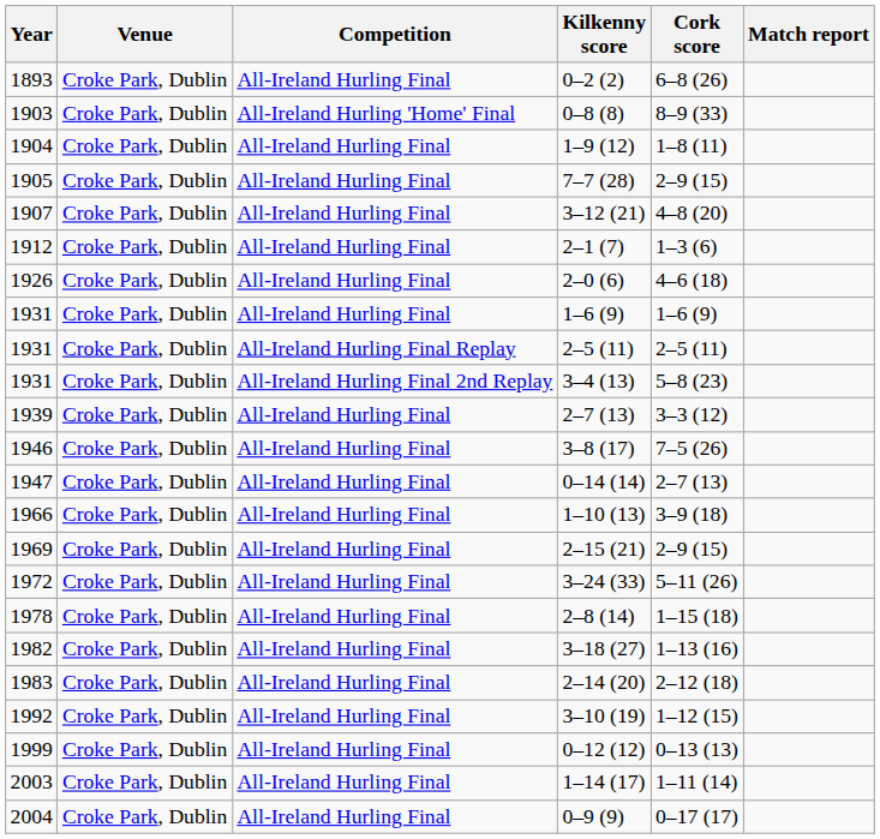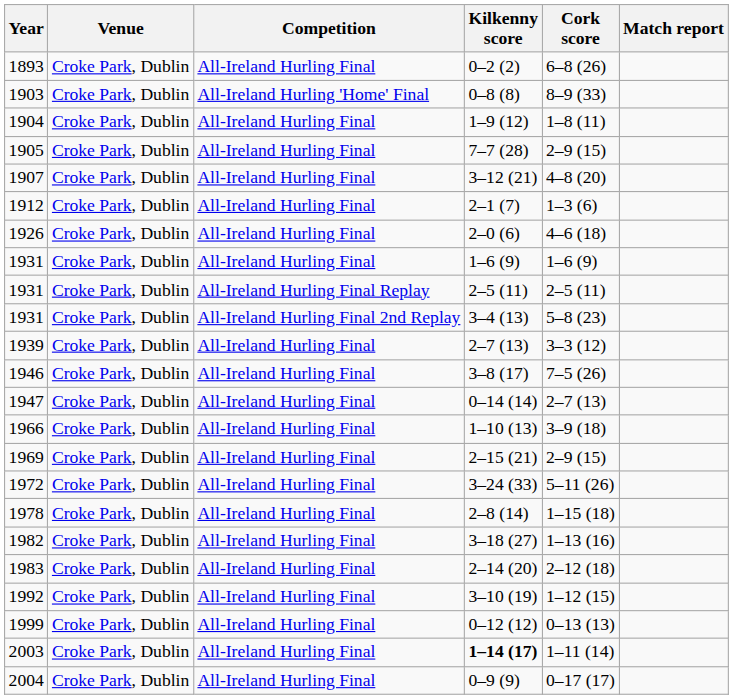 <table class="wikitable">
 <tr>
 <th width=30 style="text-align: center;">Year</th>
 <th>Venue</th>
 <th>Competition</th>
 <th>Kilkenny <br> score</th>
 <th>Cork<br> score</th>
 <th>Match report</th>
 </tr>
 <tr>
 <td>1893</td>
 <td><a href='#'>Croke Park</a>, Dublin</td>
 <td><a href='#'>All-Ireland Hurling Final</a></td>
 <td>0–2 (2)</td>
 <td>6–8 (26)</td>
 <td></td>
 </tr>
 <tr>
 <td>1903</td>
 <td><a href='#'>Croke Park</a>, Dublin</td>
 <td><a href='#'>All-Ireland Hurling 'Home' Final</a></td>
 <td>0–8 (8)</td>
 <td>8–9 (33)</td>
 <td></td>
 </tr>
 <tr>
 <td>1904</td>
 <td><a href='#'>Croke Park</a>, Dublin</td>
 <td><a href='#'>All-Ireland Hurling Final</a></td>
 <td>1–9 (12)</td>
 <td>1–8 (11)</td>
 <td></td>
 </tr>
 <tr>
 <td>1905</td>
 <td><a href='#'>Croke Park</a>, Dublin</td>
 <td><a href='#'>All-Ireland Hurling Final</a></td>
 <td>7–7 (28)</td>
 <td>2–9 (15)</td>
 <td></td>
 </tr>
 <tr>
 <td>1907</td>
 <td><a href='#'>Croke Park</a>, Dublin</td>
 <td><a href='#'>All-Ireland Hurling Final</a></td>
 <td>3–12 (21)</td>
 <td>4–8 (20)</td>
 <td></td>
 </tr>
 <tr>
 <td>1912</td>
 <td><a href='#'>Croke Park</a>, Dublin</td>
 <td><a href='#'>All-Ireland Hurling Final</a></td>
 <td>2–1 (7)</td>
 <td>1–3 (6)</td>
 <td></td>
 </tr>
 <tr>
 <td>1926</td>
 <td><a href='#'>Croke Park</a>, Dublin</td>
 <td><a href='#'>All-Ireland Hurling Final</a></td>
 <td>2–0 (6)</td>
 <td>4–6 (18)</td>
 <td></td>
 </tr>
 <tr>
 <td>1931</td>
 <td><a href='#'>Croke Park</a>, Dublin</td>
 <td><a href='#'>All-Ireland Hurling Final</a></td>
 <td>1–6 (9)</td>
 <td>1–6 (9)</td>
 <td></td>
 </tr>
 <tr>
 <td>1931</td>
 <td><a href='#'>Croke Park</a>, Dublin</td>
 <td><a href='#'>All-Ireland Hurling Final Replay</a></td>
 <td>2–5 (11)</td>
 <td>2–5 (11)</td>
 <td></td>
 </tr>
 <tr>
 <td>1931</td>
 <td><a href='#'>Croke Park</a>, Dublin</td>
 <td><a href='#'>All-Ireland Hurling Final 2nd Replay</a></td>
 <td>3–4 (13)</td>
 <td>5–8 (23)</td>
 <td></td>
 </tr>
 <tr>
 <td>1939</td>
 <td><a href='#'>Croke Park</a>, Dublin</td>
 <td><a href='#'>All-Ireland Hurling Final</a></td>
 <td>2–7 (13)</td>
 <td>3–3 (12)</td>
 <td></td>
 </tr>
 <tr>
 <td>1946</td>
 <td><a href='#'>Croke Park</a>, Dublin</td>
 <td><a href='#'>All-Ireland Hurling Final</a></td>
 <td>3–8 (17)</td>
 <td>7–5 (26)</td>
 <td></td>
 </tr>
 <tr>
 <td>1947</td>
 <td><a href='#'>Croke Park</a>, Dublin</td>
 <td><a href='#'>All-Ireland Hurling Final</a></td>
 <td>0–14 (14)</td>
 <td>2–7 (13)</td>
 <td></td>
 </tr>
 <tr>
 <td>1966</td>
 <td><a href='#'>Croke Park</a>, Dublin</td>
 <td><a href='#'>All-Ireland Hurling Final</a></td>
 <td>1–10 (13)</td>
 <td>3–9 (18)</td>
 <td></td>
 </tr>
 <tr>
 <td>1969</td>
 <td><a href='#'>Croke Park</a>, Dublin</td>
 <td><a href='#'>All-Ireland Hurling Final</a></td>
 <td>2–15 (21)</td>
 <td>2–9 (15)</td>
 <td></td>
 </tr>
 <tr>
 <td>1972</td>
 <td><a href='#'>Croke Park</a>, Dublin</td>
 <td><a href='#'>All-Ireland Hurling Final</a></td>
 <td>3–24 (33)</td>
 <td>5–11 (26)</td>
 <td></td>
 </tr>
 <tr>
 <td>1978</td>
 <td><a href='#'>Croke Park</a>, Dublin</td>
 <td><a href='#'>All-Ireland Hurling Final</a></td>
 <td>2–8 (14)</td>
 <td>1–15 (18)</td>
 <td></td>
 </tr>
 <tr>
 <td>1982</td>
 <td><a href='#'>Croke Park</a>, Dublin</td>
 <td><a href='#'>All-Ireland Hurling Final</a></td>
 <td>3–18 (27)</td>
 <td>1–13 (16)</td>
 <td></td>
 </tr>
 <tr>
 <td>1983</td>
 <td><a href='#'>Croke Park</a>, Dublin</td>
 <td><a href='#'>All-Ireland Hurling Final</a></td>
 <td>2–14 (20)</td>
 <td>2–12 (18)</td>
 <td></td>
 </tr>
 <tr>
 <td>1992</td>
 <td><a href='#'>Croke Park</a>, Dublin</td>
 <td><a href='#'>All-Ireland Hurling Final</a></td>
 <td>3–10 (19)</td>
 <td>1–12 (15)</td>
 <td></td>
 </tr>
 <tr>
 <td>1999</td>
 <td><a href='#'>Croke Park</a>, Dublin</td>
 <td><a href='#'>All-Ireland Hurling Final</a></td>
 <td>0–12 (12)</td>
 <td>0–13 (13)</td>
 <td></td>
 </tr>
 <tr>
 <td>2003</td>
 <td><a href='#'>Croke Park</a>, Dublin</td>
 <td><a href='#'>All-Ireland Hurling Final</a></td>
-<td>1–14 (17)</td>
+<td><strong>1–14 (17)</strong></td>
 <td>1–11 (14)</td>
 <td></td>
 </tr>
 <tr>
 <td>2004</td>
 <td><a href='#'>Croke Park</a>, Dublin</td>
 <td><a href='#'>All-Ireland Hurling Final</a></td>
 <td>0–9 (9)</td>
 <td>0–17 (17)</td>
 <td></td>
 </tr>
 </table>
